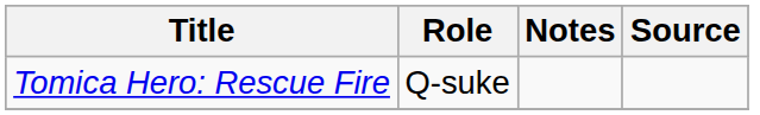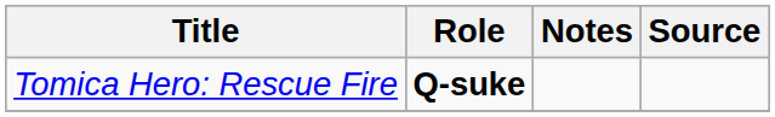 <table class="wikitable sortable plainrowheaders">
 <tr>
 <th>Title</th>
 <th>Role</th>
 <th class="unsortable">Notes</th>
 <th class="unsortable">Source</th>
 </tr>
 <tr>
 <td><em><a href='#'>Tomica Hero: Rescue Fire</a></em></td>
-<td>Q-suke</td>
+<td><strong>Q-suke</strong></td>
 <td></td>
 <td></td>
 </tr>
 <tr>
 </tr>
 </table>
